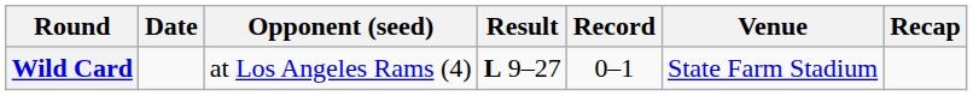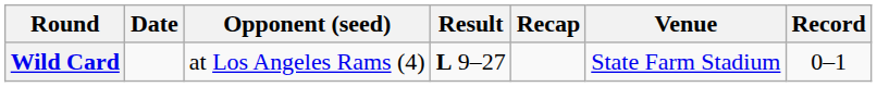 <table class="wikitable" style="text-align:center">
 <tr>
 <th>Round</th>
 <th>Date</th>
 <th>Opponent (seed)</th>
 <th>Result</th>
+<th>Recap</th>
+<th>Venue</th>
 <th>Record</th>
-<th>Venue</th>
-<th>Recap</th>
 </tr>
 <tr>
 <th><a href='#'>Wild Card</a></th>
 <td></td>
 <td>at <a href='#'>Los Angeles Rams</a> (4)</td>
 <td><strong>L</strong> 9–27</td>
+<td></td>
+<td><a href='#'>State Farm Stadium</a></td>
 <td>0–1</td>
-<td><a href='#'>State Farm Stadium</a></td>
-<td></td>
 </tr>
 </table>
